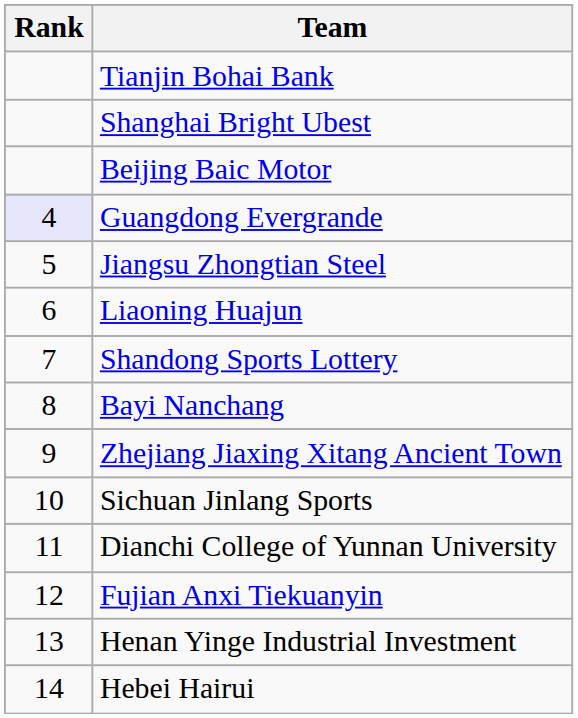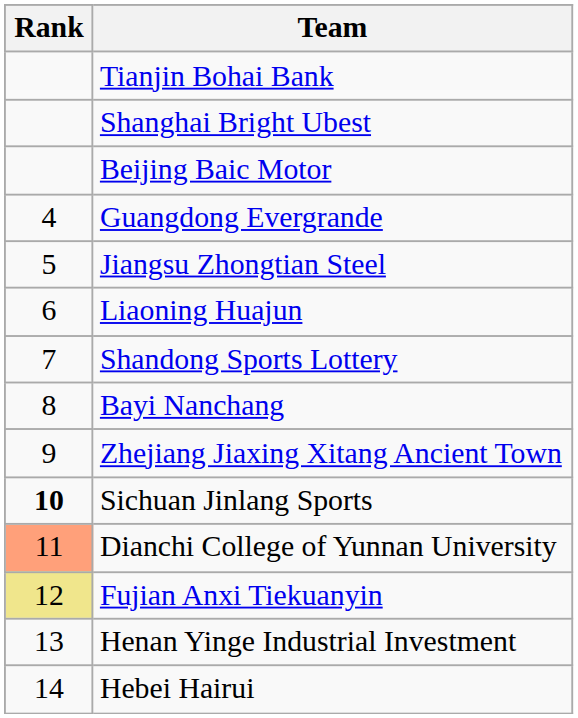 <table class="wikitable" style="text-align:center;">
 <tr>
 <th width=40>Rank</th>
 <th width=250>Team</th>
 </tr>
 <tr>
 <td></td>
 <td style="text-align:left;"><a href='#'>Tianjin Bohai Bank</a></td>
 </tr>
 <tr>
 <td></td>
 <td style="text-align:left;"><a href='#'>Shanghai Bright Ubest</a></td>
 </tr>
 <tr>
 <td></td>
 <td style="text-align:left;"><a href='#'>Beijing Baic Motor</a></td>
 </tr>
 <tr>
-<td style="background: lavender;">4</td>
+<td>4</td>
 <td style="text-align:left;"><a href='#'>Guangdong Evergrande</a></td>
 </tr>
 <tr>
 <td>5</td>
 <td style="text-align:left;"><a href='#'>Jiangsu Zhongtian Steel</a></td>
 </tr>
 <tr>
 <td>6</td>
 <td style="text-align:left;"><a href='#'>Liaoning Huajun</a></td>
 </tr>
 <tr>
 <td>7</td>
 <td style="text-align:left;"><a href='#'>Shandong Sports Lottery</a></td>
 </tr>
 <tr>
 <td>8</td>
 <td style="text-align:left;"><a href='#'>Bayi Nanchang</a></td>
 </tr>
 <tr>
 <td>9</td>
 <td style="text-align:left;"><a href='#'>Zhejiang Jiaxing Xitang Ancient Town</a></td>
 </tr>
 <tr>
-<td>10</td>
+<td><strong>10</strong></td>
 <td style="text-align:left;">Sichuan Jinlang Sports</td>
 </tr>
 <tr>
-<td>11</td>
+<td style="background: lightsalmon;">11</td>
 <td style="text-align:left;">Dianchi College of Yunnan University</td>
 </tr>
 <tr>
-<td>12</td>
+<td style="background: khaki;">12</td>
 <td style="text-align:left;"><a href='#'>Fujian Anxi Tiekuanyin</a></td>
 </tr>
 <tr>
 <td>13</td>
 <td style="text-align:left;">Henan Yinge Industrial Investment</td>
 </tr>
 <tr>
 <td>14</td>
 <td style="text-align:left;">Hebei Hairui</td>
 </tr>
 </table>
